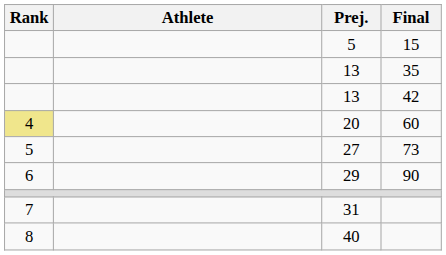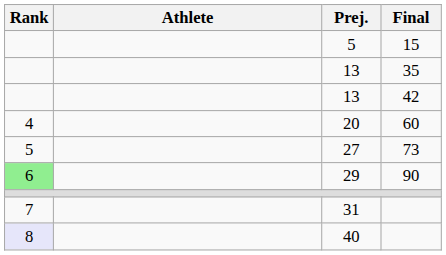 <table class=wikitable style="text-align:center">
 <tr>
 <th width=40>Rank</th>
 <th width=250>Athlete</th>
 <th width=50>Prej.</th>
 <th width=50>Final</th>
 </tr>
 <tr>
 <td></td>
 <td align=left></td>
 <td>5</td>
 <td>15</td>
 </tr>
 <tr>
 <td></td>
 <td align=left></td>
 <td>13</td>
 <td>35</td>
 </tr>
 <tr>
 <td></td>
 <td align=left></td>
 <td>13</td>
 <td>42</td>
 </tr>
 <tr>
-<td style="background: khaki;">4</td>
+<td>4</td>
 <td align=left></td>
 <td>20</td>
 <td>60</td>
 </tr>
 <tr>
 <td>5</td>
 <td align=left></td>
 <td>27</td>
 <td>73</td>
 </tr>
 <tr>
-<td>6</td>
+<td style="background: lightgreen;">6</td>
 <td align=left></td>
 <td>29</td>
 <td>90</td>
 </tr>
 <tr bgcolor=#DDDDDD>
 <td colspan=4></td>
 </tr>
 <tr>
 <td>7</td>
 <td align=left></td>
 <td>31</td>
 <td></td>
 </tr>
 <tr>
-<td>8</td>
+<td style="background: lavender;">8</td>
 <td align=left></td>
 <td>40</td>
 <td></td>
 </tr>
 </table>
